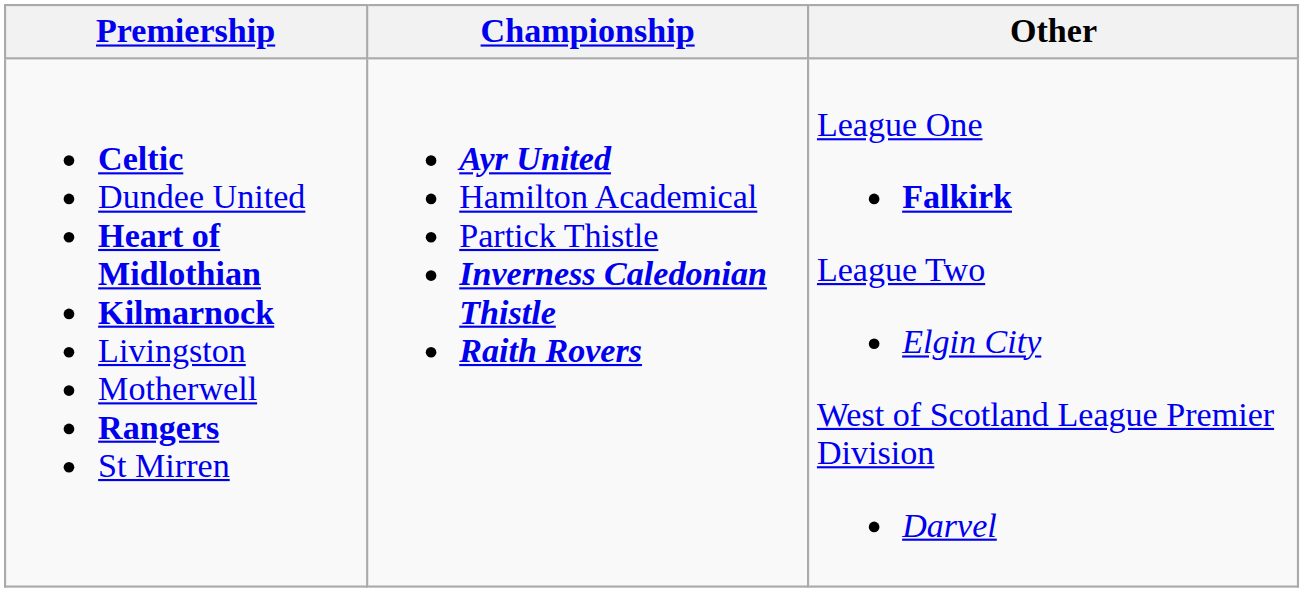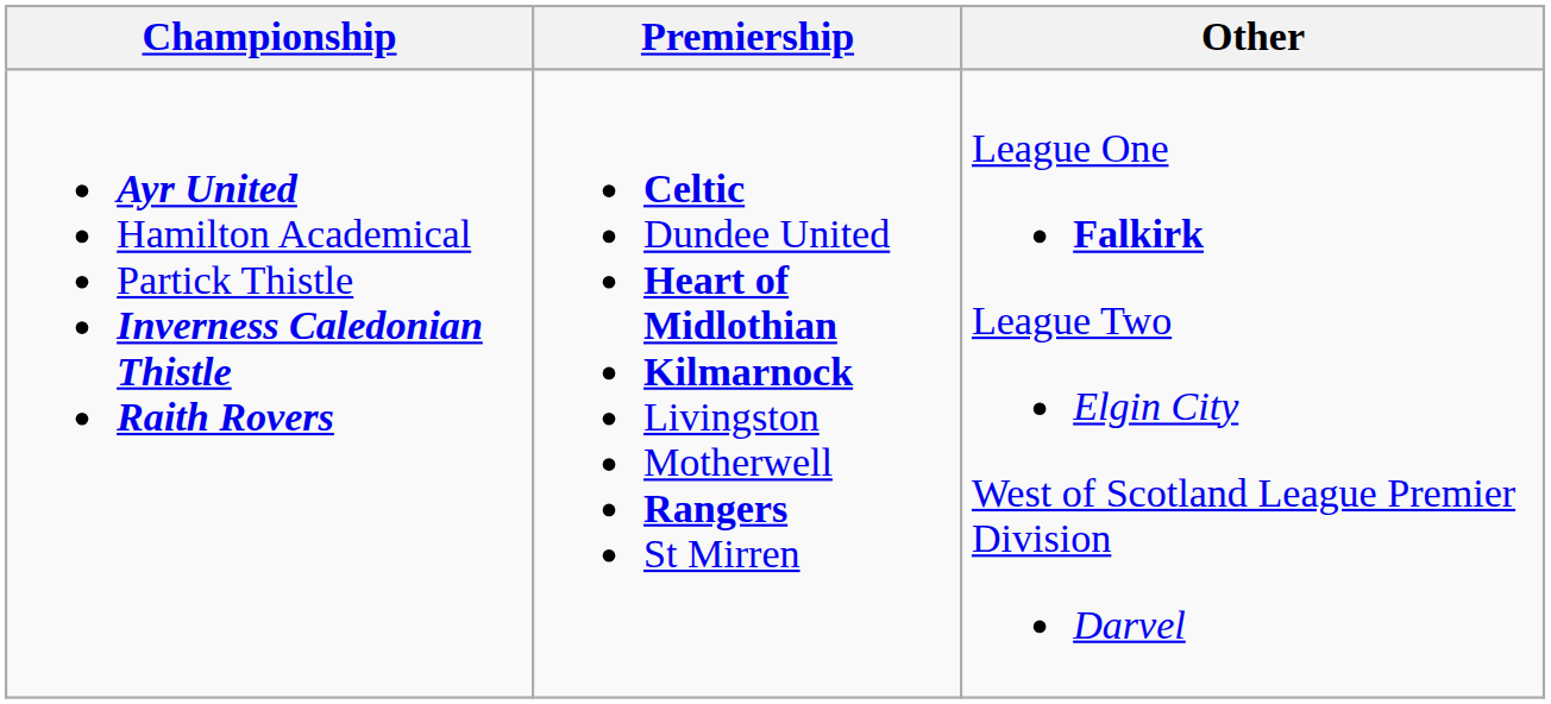 <table class="wikitable">
 <tr>
+<th><a href='#'>Championship</a></th>
 <th><a href='#'>Premiership</a></th>
-<th><a href='#'>Championship</a></th>
 <th>Other</th>
 </tr>
 <tr>
+<td valign="top"><br><ul><li><strong><em><a href='#'>Ayr United</a></em></strong></li><li><a href='#'>Hamilton Academical</a></li><li><a href='#'>Partick Thistle</a></li><li><strong><em><a href='#'>Inverness Caledonian Thistle</a></em></strong></li><li><strong><em><a href='#'>Raith Rovers</a></em></strong></li></ul></td>
 <td valign="top"><br><ul><li><strong><a href='#'>Celtic</a></strong></li><li><a href='#'>Dundee United</a></li><li><strong><a href='#'>Heart of Midlothian</a></strong></li><li><strong><a href='#'>Kilmarnock</a></strong></li><li><a href='#'>Livingston</a></li><li><a href='#'>Motherwell</a></li><li><strong><a href='#'>Rangers</a></strong></li><li><a href='#'>St Mirren</a></li></ul></td>
-<td valign="top"><br><ul><li><strong><em><a href='#'>Ayr United</a></em></strong></li><li><a href='#'>Hamilton Academical</a></li><li><a href='#'>Partick Thistle</a></li><li><strong><em><a href='#'>Inverness Caledonian Thistle</a></em></strong></li><li><strong><em><a href='#'>Raith Rovers</a></em></strong></li></ul></td>
 <td valign="top"><br><a href='#'>League One</a><ul><li><strong><a href='#'>Falkirk</a></strong></li></ul><a href='#'>League Two</a><ul><li><em><a href='#'>Elgin City</a></em></li></ul><a href='#'>West of Scotland League Premier Division</a><ul><li><em><a href='#'>Darvel</a></em></li></ul></td>
 </tr>
 </table>
